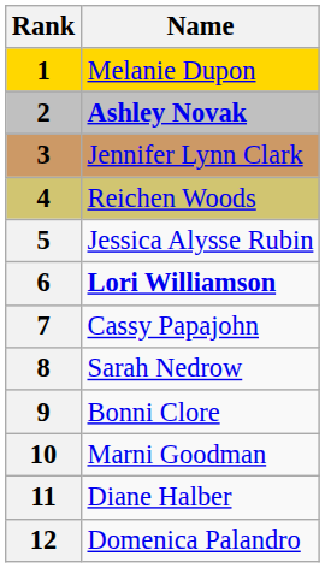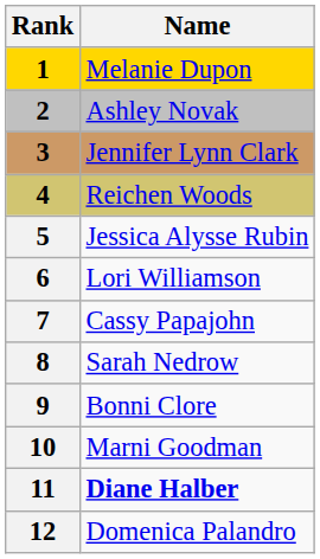 <table class="wikitable">
 <tr>
 <th>Rank</th>
 <th>Name</th>
 </tr>
 <tr bgcolor="gold">
 <td align="center"><strong>1</strong></td>
 <td><a href='#'>Melanie Dupon</a></td>
 </tr>
 <tr bgcolor="silver">
 <td align="center"><strong>2</strong></td>
-<td><strong><a href='#'>Ashley Novak</a></strong></td>
+<td><a href='#'>Ashley Novak</a></td>
 </tr>
 <tr bgcolor="cc9966">
 <td align="center"><strong>3</strong></td>
 <td><a href='#'>Jennifer Lynn Clark</a></td>
 </tr>
 <tr bgcolor="#d1c571">
 <td align="center"><strong>4</strong></td>
 <td><a href='#'>Reichen Woods</a></td>
 </tr>
 <tr>
 <th>5</th>
 <td><a href='#'>Jessica Alysse Rubin</a></td>
 </tr>
 <tr>
 <th>6</th>
-<td><strong><a href='#'>Lori Williamson</a></strong></td>
+<td><a href='#'>Lori Williamson</a></td>
 </tr>
 <tr>
 <th>7</th>
 <td><a href='#'>Cassy Papajohn</a></td>
 </tr>
 <tr>
 <th>8</th>
 <td><a href='#'>Sarah Nedrow</a></td>
 </tr>
 <tr>
 <th>9</th>
 <td><a href='#'>Bonni Clore</a></td>
 </tr>
 <tr>
 <th>10</th>
 <td><a href='#'>Marni Goodman</a></td>
 </tr>
 <tr>
 <th>11</th>
-<td><a href='#'>Diane Halber</a></td>
+<td><strong><a href='#'>Diane Halber</a></strong></td>
 </tr>
 <tr>
 <th>12</th>
 <td><a href='#'>Domenica Palandro</a></td>
 </tr>
 </table>
